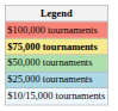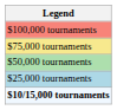 <table class=wikitable style=font-size:85%>
 <tr>
 <th>Legend</th>
 </tr>
 <tr style="background:;">
 <td bgcolor=f88379>$100,000 tournaments</td>
 </tr>
 <tr style="background:;">
-<td bgcolor=f7e98e><strong>$75,000 tournaments</strong></td>
+<td bgcolor=f7e98e>$75,000 tournaments</td>
 </tr>
 <tr style="background:;">
 <td bgcolor=addfad>$50,000 tournaments</td>
 </tr>
 <tr style="background:;">
 <td bgcolor=lightblue>$25,000 tournaments</td>
 </tr>
 <tr style="background:;">
-<td bgcolor=f0f8ff>$10/15,000 tournaments</td>
+<td bgcolor=f0f8ff><strong>$10/15,000 tournaments</strong></td>
 </tr>
 </table>
